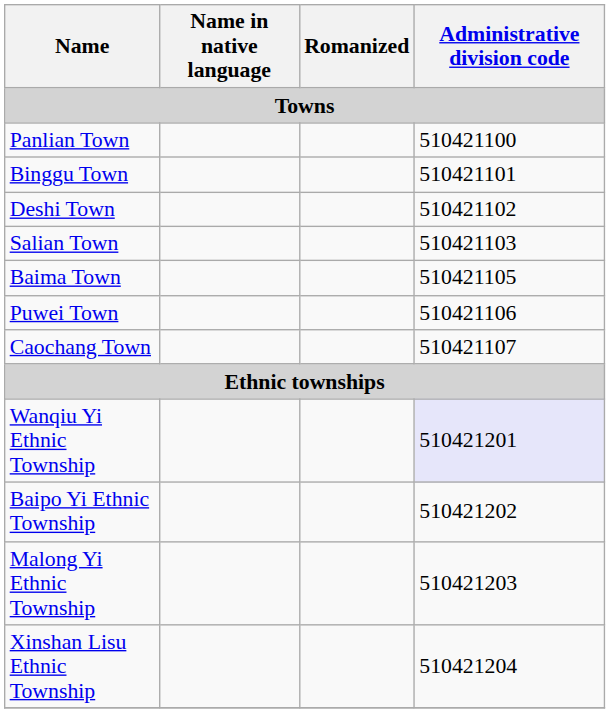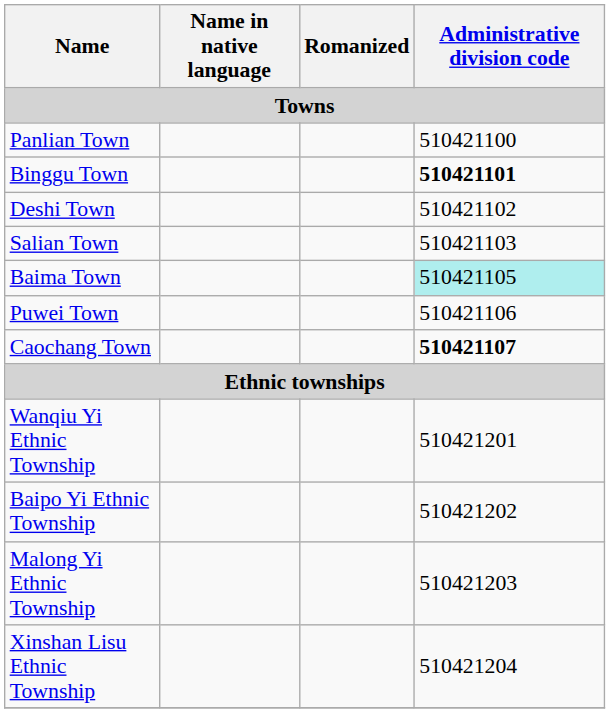 <table class="wikitable" align="center" style="width:50%; border="1">
 <tr>
 <th>Name</th>
 <th>Name in native language</th>
 <th>Romanized</th>
 <th><a href='#'>Administrative division code</a></th>
 </tr>
 <tr>
 <td colspan="4"  style="text-align:center; background:#d3d3d3;"><strong>Towns</strong></td>
 </tr>
 <tr --------->
 <td><a href='#'>Panlian Town</a></td>
 <td> </td>
 <td> </td>
 <td>510421100</td>
 </tr>
 <tr>
 <td><a href='#'>Binggu Town</a></td>
 <td> </td>
 <td> </td>
-<td>510421101</td>
+<td><strong>510421101</strong></td>
 </tr>
 <tr>
 <td><a href='#'>Deshi Town</a></td>
 <td> </td>
 <td> </td>
 <td>510421102</td>
 </tr>
 <tr>
 <td><a href='#'>Salian Town</a></td>
 <td> </td>
 <td> </td>
 <td>510421103</td>
 </tr>
 <tr>
 <td><a href='#'>Baima Town</a></td>
 <td> </td>
 <td> </td>
-<td>510421105</td>
+<td style="background: paleturquoise;">510421105</td>
 </tr>
 <tr>
 <td><a href='#'>Puwei Town</a></td>
 <td> </td>
 <td> </td>
 <td>510421106</td>
 </tr>
 <tr>
 <td><a href='#'>Caochang Town</a></td>
 <td> </td>
 <td> </td>
-<td>510421107</td>
+<td><strong>510421107</strong></td>
 </tr>
 <tr --------->
 <td colspan="4"  style="text-align:center; background:#d3d3d3;"><strong>Ethnic townships</strong></td>
 </tr>
 <tr --------->
 <td><a href='#'>Wanqiu Yi Ethnic Township</a></td>
 <td> <br> </td>
 <td> <br> </td>
-<td style="background: lavender;">510421201</td>
+<td>510421201</td>
 </tr>
 <tr>
 <td><a href='#'>Baipo Yi Ethnic Township</a></td>
 <td> <br> </td>
 <td> <br> </td>
 <td>510421202</td>
 </tr>
 <tr>
 <td><a href='#'>Malong Yi Ethnic Township</a></td>
 <td> <br> </td>
 <td> <br> </td>
 <td>510421203</td>
 </tr>
 <tr>
 <td><a href='#'>Xinshan Lisu Ethnic Township</a></td>
 <td> <br> </td>
 <td> <br> </td>
 <td>510421204</td>
 </tr>
 <tr>
 </tr>
 </table>
